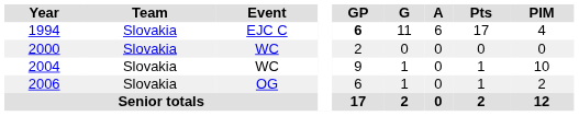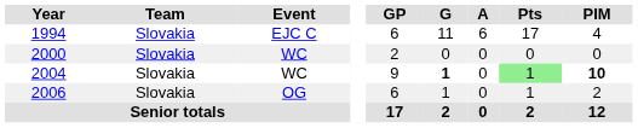 <table border="0" cellpadding="1" cellspacing="0" style="text-align:center; width:40em">
 <tr ALIGN="center" bgcolor="#e0e0e0">
 <th>Year</th>
 <th>Team</th>
 <th>Event</th>
 <th ALIGN="center" rowspan="99" bgcolor="#ffffff"> </th>
 <th>GP</th>
 <th>G</th>
 <th>A</th>
 <th>Pts</th>
 <th>PIM</th>
 </tr>
 <tr>
 <td><a href='#'>1994</a></td>
 <td><a href='#'>Slovakia</a></td>
 <td><a href='#'>EJC C</a></td>
-<td><strong>6</strong></td>
+<td>6</td>
 <td>11</td>
 <td>6</td>
 <td>17</td>
 <td>4</td>
 </tr>
 <tr bgcolor="#f0f0f0">
 <td><a href='#'>2000</a></td>
 <td><a href='#'>Slovakia</a></td>
 <td><a href='#'>WC</a></td>
 <td>2</td>
 <td>0</td>
 <td>0</td>
 <td>0</td>
 <td>0</td>
 </tr>
 <tr>
 <td><a href='#'>2004</a></td>
 <td>Slovakia</td>
 <td>WC</td>
 <td>9</td>
-<td>1</td>
+<td><strong>1</strong></td>
 <td>0</td>
-<td>1</td>
-<td>10</td>
+<td style="background: lightgreen;">1</td>
+<td><strong>10</strong></td>
 </tr>
 <tr bgcolor="#f0f0f0">
 <td><a href='#'>2006</a></td>
 <td>Slovakia</td>
 <td><a href='#'>OG</a></td>
 <td>6</td>
 <td>1</td>
 <td>0</td>
 <td>1</td>
 <td>2</td>
 </tr>
 <tr bgcolor="#e0e0e0">
 <th colspan="3">Senior totals</th>
 <th>17</th>
 <th>2</th>
 <th>0</th>
 <th>2</th>
 <th>12</th>
 </tr>
 </table>
